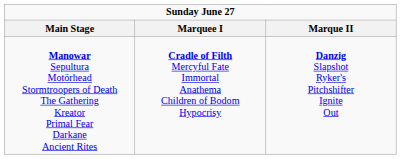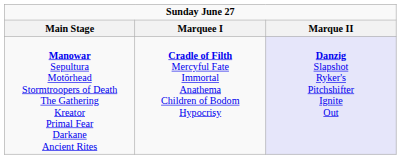 <table class="wikitable">
 <tr>
 <td colspan="3" style="text-align:center;"><strong>Sunday June 27</strong></td>
 </tr>
 <tr>
 <th>Main Stage</th>
 <th>Marquee I</th>
 <th>Marque II</th>
 </tr>
 <tr>
 <td style="text-align:center; vertical-align:top; width:200px;"><br><strong><a href='#'>Manowar</a></strong> <br><a href='#'>Sepultura</a> <br><a href='#'>Motörhead</a> <br><a href='#'>Stormtroopers of Death</a> <br><a href='#'>The Gathering</a> <br><a href='#'>Kreator</a> <br><a href='#'>Primal Fear</a> <br><a href='#'>Darkane</a> <br><a href='#'>Ancient Rites</a></td>
 <td style="text-align:center; vertical-align:top; width:200px;"><br><strong><a href='#'>Cradle of Filth</a></strong> <br><a href='#'>Mercyful Fate</a> <br><a href='#'>Immortal</a> <br><a href='#'>Anathema</a> <br><a href='#'>Children of Bodom</a> <br><a href='#'>Hypocrisy</a></td>
-<td style="text-align:center; vertical-align:top; width:200px;"><br><strong><a href='#'>Danzig</a></strong> <br><a href='#'>Slapshot</a> <br><a href='#'>Ryker's</a> <br><a href='#'>Pitchshifter</a> <br><a href='#'>Ignite</a> <br><a href='#'>Out</a></td>
+<td style="background: lavender; text-align:center; vertical-align:top; width:200px;"><br><strong><a href='#'>Danzig</a></strong> <br><a href='#'>Slapshot</a> <br><a href='#'>Ryker's</a> <br><a href='#'>Pitchshifter</a> <br><a href='#'>Ignite</a> <br><a href='#'>Out</a></td>
 </tr>
 </table>
